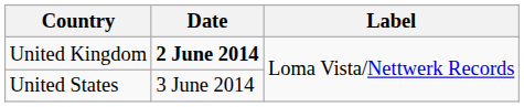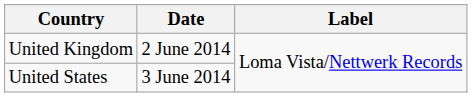 <table class="wikitable plainrowheaders">
 <tr>
 <th scope="col">Country</th>
 <th scope="col">Date</th>
 <th scope="col">Label</th>
 </tr>
 <tr>
 <td>United Kingdom</td>
-<td><strong>2 June 2014</strong></td>
+<td>2 June 2014</td>
 <td rowspan="2">Loma Vista/<a href='#'>Nettwerk Records</a></td>
 </tr>
 <tr>
 <td>United States</td>
 <td>3 June 2014</td>
 </tr>
 </table>
